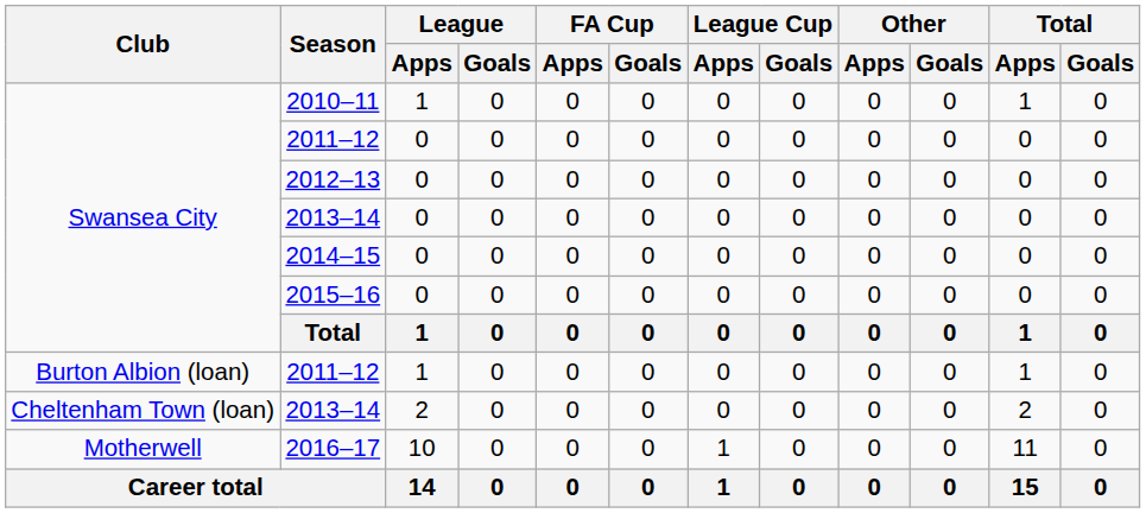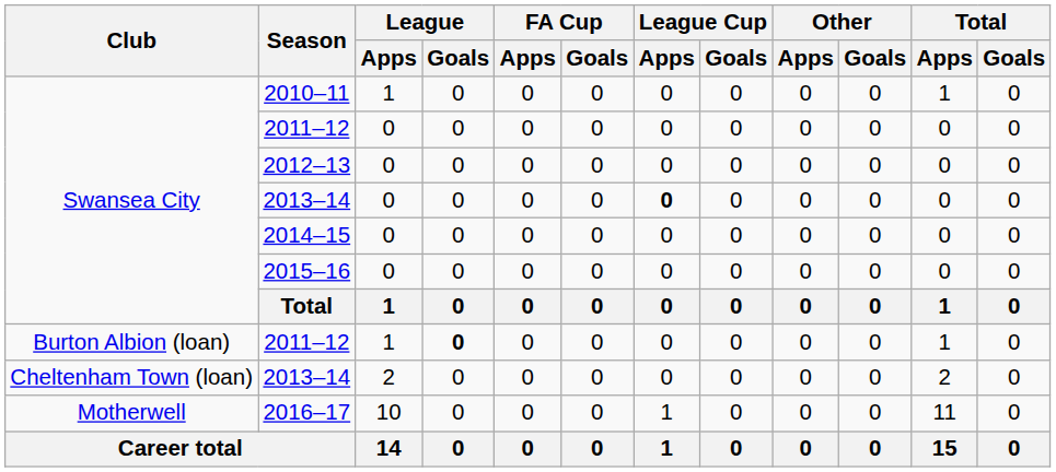 <table class="wikitable" style="text-align: center;">
 <tr>
 <th rowspan="2">Club</th>
 <th rowspan="2">Season</th>
 <th colspan="2">League</th>
 <th colspan="2">FA Cup</th>
 <th colspan="2">League Cup</th>
 <th colspan="2">Other</th>
 <th colspan="2">Total</th>
 </tr>
 <tr>
 <th>Apps</th>
 <th>Goals</th>
 <th>Apps</th>
 <th>Goals</th>
 <th>Apps</th>
 <th>Goals</th>
 <th>Apps</th>
 <th>Goals</th>
 <th>Apps</th>
 <th>Goals</th>
 </tr>
 <tr>
 <td rowspan="7"><a href='#'>Swansea City</a></td>
 <td><a href='#'>2010–11</a></td>
 <td>1</td>
 <td>0</td>
 <td>0</td>
 <td>0</td>
 <td>0</td>
 <td>0</td>
 <td>0</td>
 <td>0</td>
 <td>1</td>
 <td>0</td>
 </tr>
 <tr>
 <td><a href='#'>2011–12</a></td>
 <td>0</td>
 <td>0</td>
 <td>0</td>
 <td>0</td>
 <td>0</td>
 <td>0</td>
 <td>0</td>
 <td>0</td>
 <td>0</td>
 <td>0</td>
 </tr>
 <tr>
 <td><a href='#'>2012–13</a></td>
 <td>0</td>
 <td>0</td>
 <td>0</td>
 <td>0</td>
 <td>0</td>
 <td>0</td>
 <td>0</td>
 <td>0</td>
 <td>0</td>
 <td>0</td>
 </tr>
 <tr>
 <td><a href='#'>2013–14</a></td>
 <td>0</td>
 <td>0</td>
 <td>0</td>
 <td>0</td>
-<td>0</td>
+<td><strong>0</strong></td>
 <td>0</td>
 <td>0</td>
 <td>0</td>
 <td>0</td>
 <td>0</td>
 </tr>
 <tr>
 <td><a href='#'>2014–15</a></td>
 <td>0</td>
 <td>0</td>
 <td>0</td>
 <td>0</td>
 <td>0</td>
 <td>0</td>
 <td>0</td>
 <td>0</td>
 <td>0</td>
 <td>0</td>
 </tr>
 <tr>
 <td><a href='#'>2015–16</a></td>
 <td>0</td>
 <td>0</td>
 <td>0</td>
 <td>0</td>
 <td>0</td>
 <td>0</td>
 <td>0</td>
 <td>0</td>
 <td>0</td>
 <td>0</td>
 </tr>
 <tr>
 <th>Total</th>
 <th>1</th>
 <th>0</th>
 <th>0</th>
 <th>0</th>
 <th>0</th>
 <th>0</th>
 <th>0</th>
 <th>0</th>
 <th>1</th>
 <th>0</th>
 </tr>
 <tr>
 <td><a href='#'>Burton Albion</a> (loan)</td>
 <td><a href='#'>2011–12</a></td>
 <td>1</td>
-<td>0</td>
+<td><strong>0</strong></td>
 <td>0</td>
 <td>0</td>
 <td>0</td>
 <td>0</td>
 <td>0</td>
 <td>0</td>
 <td>1</td>
 <td>0</td>
 </tr>
 <tr>
 <td><a href='#'>Cheltenham Town</a> (loan)</td>
 <td><a href='#'>2013–14</a></td>
 <td>2</td>
 <td>0</td>
 <td>0</td>
 <td>0</td>
 <td>0</td>
 <td>0</td>
 <td>0</td>
 <td>0</td>
 <td>2</td>
 <td>0</td>
 </tr>
 <tr>
 <td><a href='#'>Motherwell</a></td>
 <td><a href='#'>2016–17</a></td>
 <td>10</td>
 <td>0</td>
 <td>0</td>
 <td>0</td>
 <td>1</td>
 <td>0</td>
 <td>0</td>
 <td>0</td>
 <td>11</td>
 <td>0</td>
 </tr>
 <tr>
 <th colspan="2">Career total</th>
 <th>14</th>
 <th>0</th>
 <th>0</th>
 <th>0</th>
 <th>1</th>
 <th>0</th>
 <th>0</th>
 <th>0</th>
 <th>15</th>
 <th>0</th>
 </tr>
 </table>
